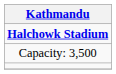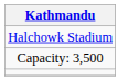 <table class="wikitable" style="text-align:center">
 <tr>
 <th colspan="2"><a href='#'>Kathmandu</a></th>
 </tr>
 <tr>
-<td><strong><a href='#'>Halchowk Stadium</a></strong></td>
+<td><a href='#'>Halchowk Stadium</a></td>
 </tr>
 <tr>
 <td>Capacity: 3,500</td>
 </tr>
 <tr>
 <td></td>
 </tr>
 <tr>
 </tr>
 </table>
